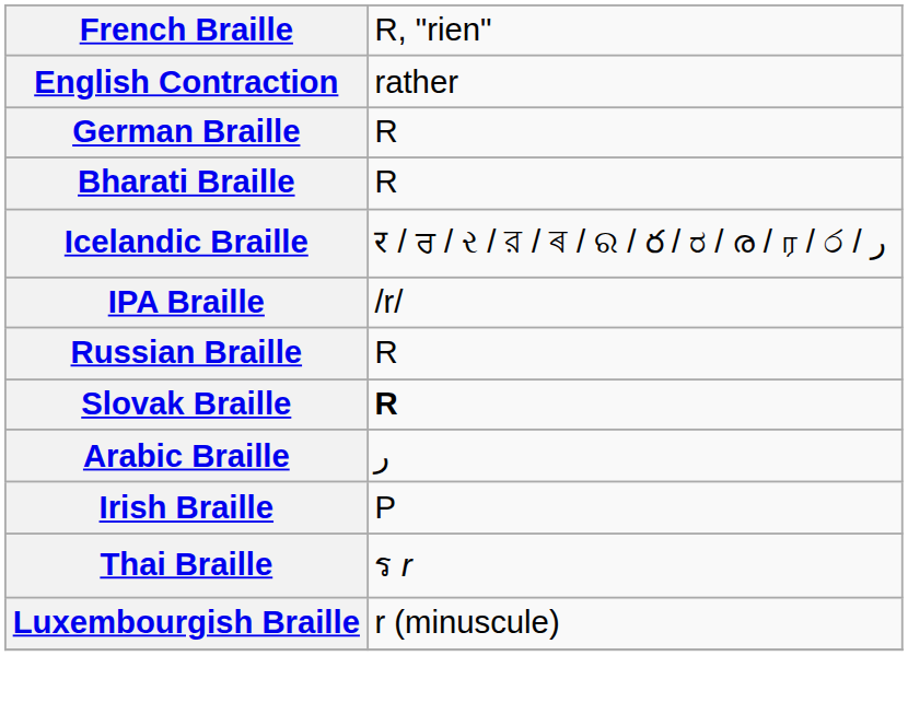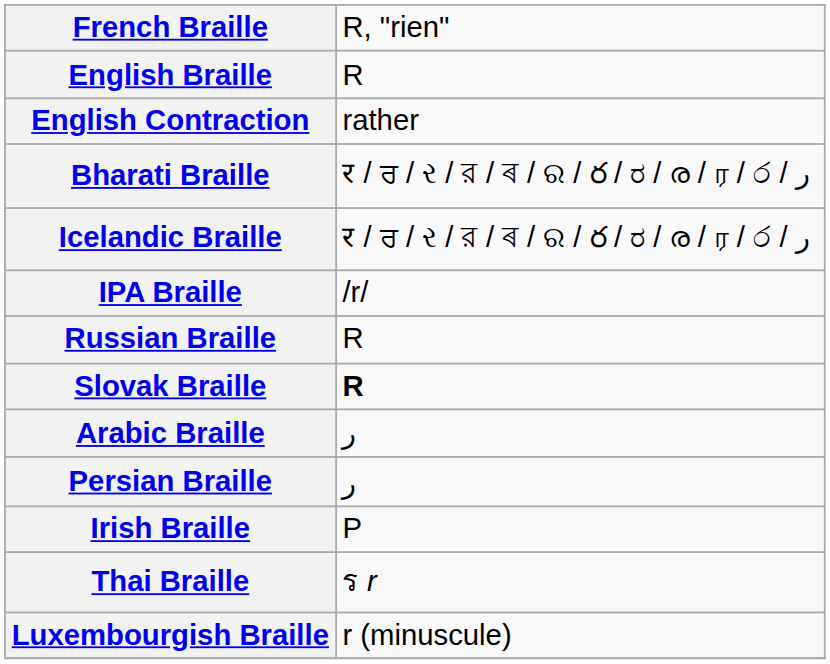 <table class="wikitable">
 <tr>
 <th align=left><a href='#'>French Braille</a></th>
 <td>R, "rien"</td>
 </tr>
 <tr>
+<th align=left><a href='#'>English Braille</a></th>
+<td>R</td>
+</tr>
+<tr>
 <th align=left><a href='#'>English Contraction</a></th>
 <td>rather</td>
 </tr>
 <tr>
-<th align=left><a href='#'>German Braille</a></th>
-<td>R</td>
-</tr>
-<tr>
 <th align=left><a href='#'>Bharati Braille</a></th>
-<td>R</td>
+<td>र / ਰ / ર / র / ৰ / ର / ర / ರ / ര / ர / ර / ر ‎</td>
 </tr>
 <tr>
 <th align=left><a href='#'>Icelandic Braille</a></th>
 <td>र / ਰ / ર / র / ৰ / ର / ర / ರ / ര / ர / ර / ر ‎</td>
 </tr>
 <tr>
 <th align=left><a href='#'>IPA Braille</a></th>
 <td>/r/</td>
 </tr>
 <tr>
 <th align=left><a href='#'>Russian Braille</a></th>
 <td>R</td>
 </tr>
 <tr>
 <th align=left><a href='#'>Slovak Braille</a></th>
 <td><strong>R</strong></td>
 </tr>
 <tr>
 <th align=left><a href='#'>Arabic Braille</a></th>
 <td>ر</td>
 </tr>
 <tr>
+<th align=left><a href='#'>Persian Braille</a></th>
+<td>ر</td>
+</tr>
+<tr>
 <th align=left><a href='#'>Irish Braille</a></th>
 <td>Р</td>
 </tr>
 <tr>
 <th align=left><a href='#'>Thai Braille</a></th>
 <td>ร <em>r</em></td>
 </tr>
 <tr>
 <th align=left><a href='#'>Luxembourgish Braille</a></th>
 <td>r (minuscule)</td>
 </tr>
 <tr>
 </tr>
 </table>
